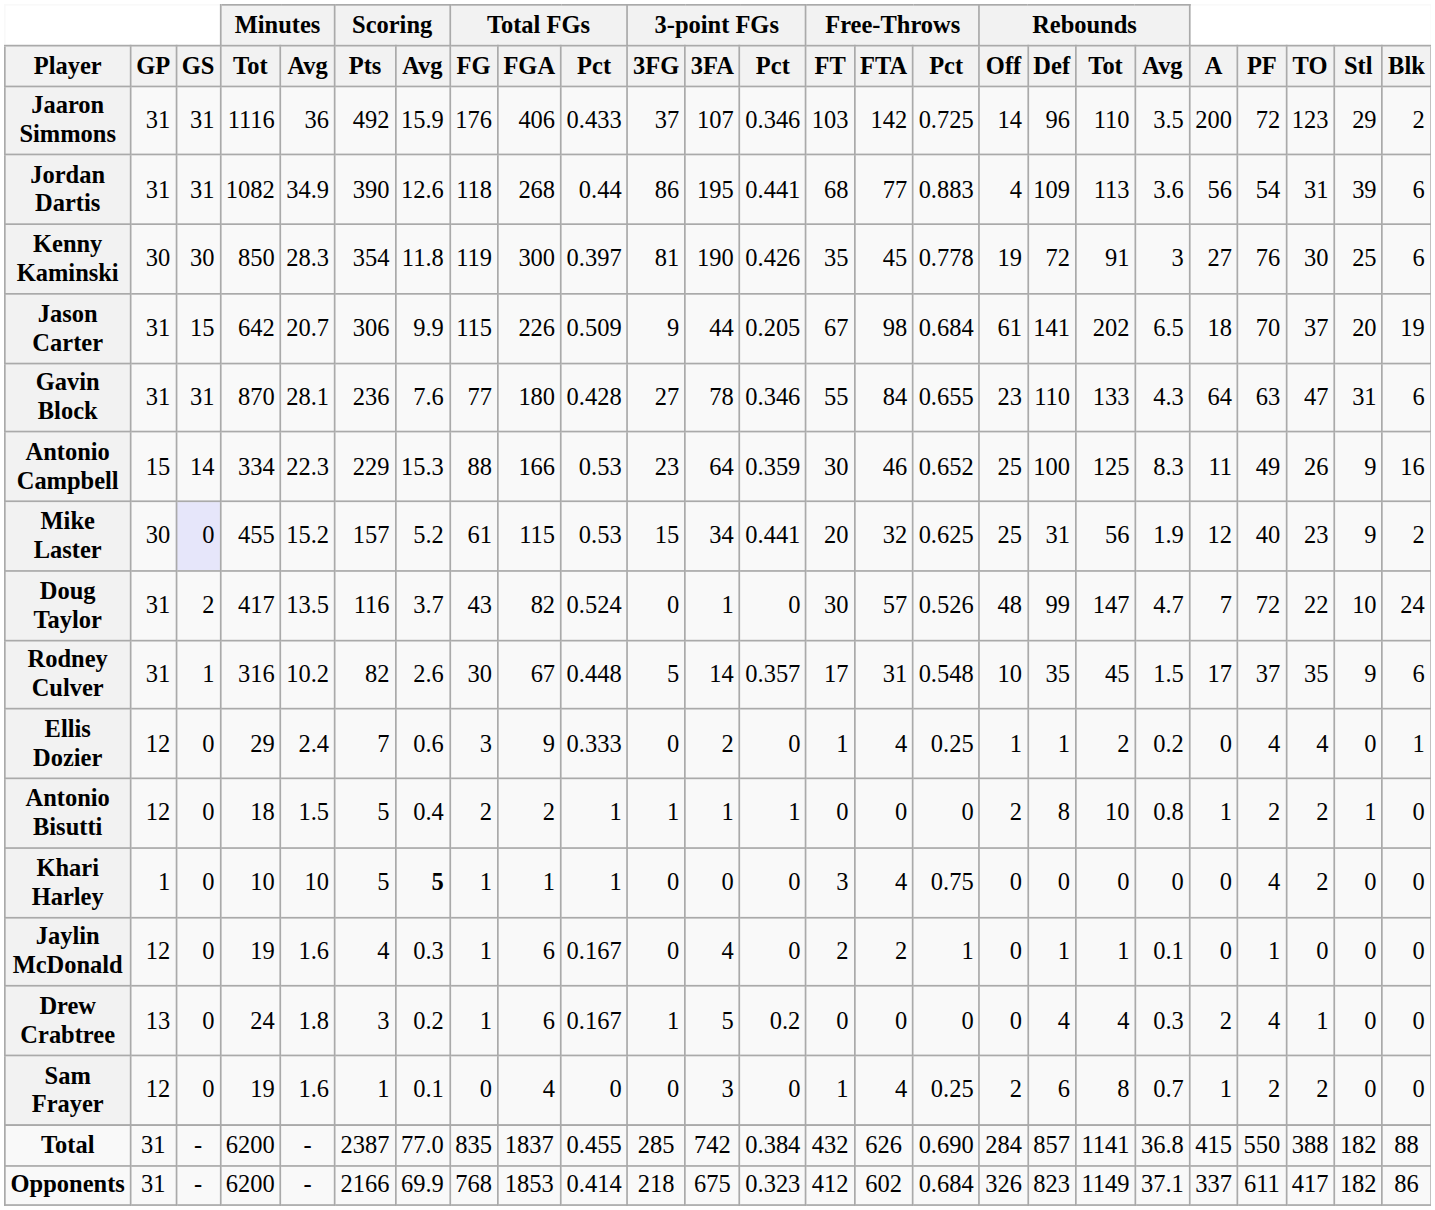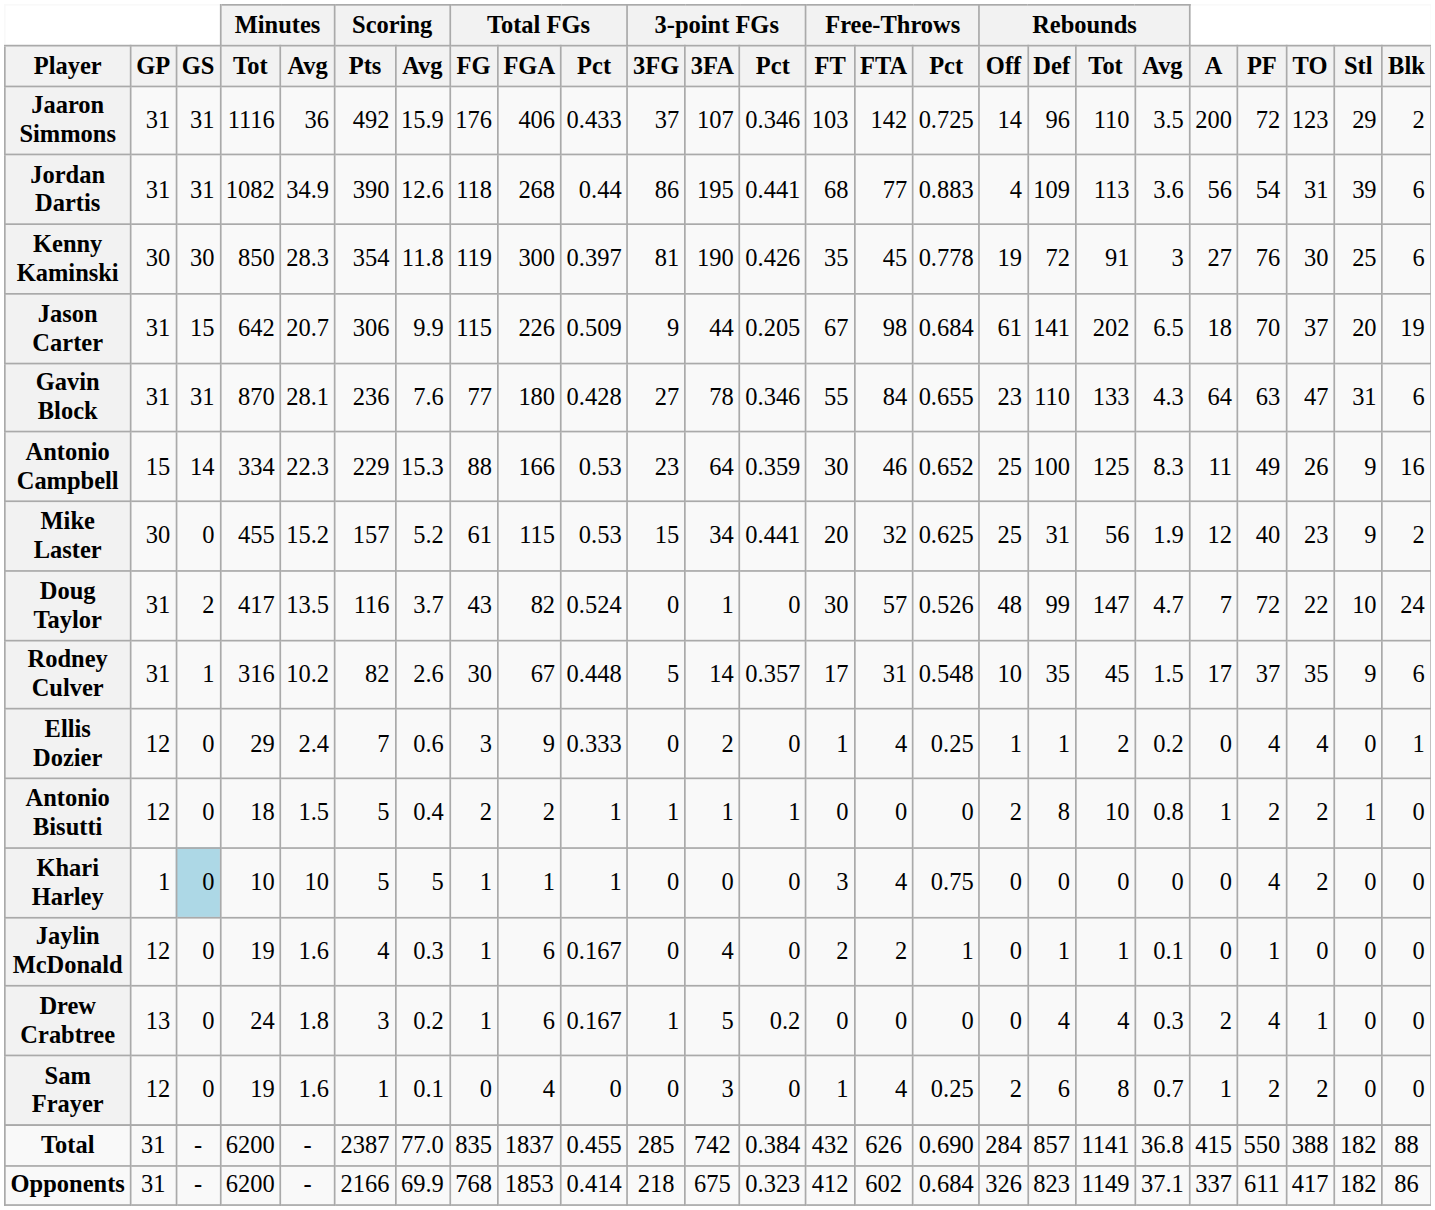 <table class="wikitable sortable" border="1" style="font-size:90%;">
 <tr>
 <th colspan="3" style="border-top-style:hidden; border-left-style:hidden; background: white;"></th>
 <th colspan="2" style=>Minutes</th>
 <th colspan="2" style=>Scoring</th>
 <th colspan="3" style=>Total FGs</th>
 <th colspan="3" style=>3-point FGs</th>
 <th colspan="3" style=>Free-Throws</th>
 <th colspan="4" style=>Rebounds</th>
 <th colspan="5" style="border-top-style:hidden; border-right-style:hidden; background: white;"></th>
 </tr>
 <tr>
 <th scope="col" style=>Player</th>
 <th scope="col" style=>GP</th>
 <th scope="col" style=>GS</th>
 <th scope="col" style=>Tot</th>
 <th scope="col" style=>Avg</th>
 <th scope="col" style=>Pts</th>
 <th scope="col" style=>Avg</th>
 <th scope="col" style=>FG</th>
 <th scope="col" style=>FGA</th>
 <th scope="col" style=>Pct</th>
 <th scope="col" style=>3FG</th>
 <th scope="col" style=>3FA</th>
 <th scope="col" style=>Pct</th>
 <th scope="col" style=>FT</th>
 <th scope="col" style=>FTA</th>
 <th scope="col" style=>Pct</th>
 <th scope="col" style=>Off</th>
 <th scope="col" style=>Def</th>
 <th scope="col" style=>Tot</th>
 <th scope="col" style=>Avg</th>
 <th scope="col" style=>A</th>
 <th scope="col" style=>PF</th>
 <th scope="col" style=>TO</th>
 <th scope="col" style=>Stl</th>
 <th scope="col" style=>Blk</th>
 </tr>
 <tr>
 <th>Jaaron Simmons</th>
 <td align="right">31</td>
 <td align="right">31</td>
 <td align="right">1116</td>
 <td align="right">36</td>
 <td align="right">492</td>
 <td align="right">15.9</td>
 <td align="right">176</td>
 <td align="right">406</td>
 <td align="right">0.433</td>
 <td align="right">37</td>
 <td align="right">107</td>
 <td align="right">0.346</td>
 <td align="right">103</td>
 <td align="right">142</td>
 <td align="right">0.725</td>
 <td align="right">14</td>
 <td align="right">96</td>
 <td align="right">110</td>
 <td align="right">3.5</td>
 <td align="right">200</td>
 <td align="right">72</td>
 <td align="right">123</td>
 <td align="right">29</td>
 <td align="right">2</td>
 </tr>
 <tr>
 <th>Jordan Dartis</th>
 <td align="right">31</td>
 <td align="right">31</td>
 <td align="right">1082</td>
 <td align="right">34.9</td>
 <td align="right">390</td>
 <td align="right">12.6</td>
 <td align="right">118</td>
 <td align="right">268</td>
 <td align="right">0.44</td>
 <td align="right">86</td>
 <td align="right">195</td>
 <td align="right">0.441</td>
 <td align="right">68</td>
 <td align="right">77</td>
 <td align="right">0.883</td>
 <td align="right">4</td>
 <td align="right">109</td>
 <td align="right">113</td>
 <td align="right">3.6</td>
 <td align="right">56</td>
 <td align="right">54</td>
 <td align="right">31</td>
 <td align="right">39</td>
 <td align="right">6</td>
 </tr>
 <tr>
 <th>Kenny Kaminski</th>
 <td align="right">30</td>
 <td align="right">30</td>
 <td align="right">850</td>
 <td align="right">28.3</td>
 <td align="right">354</td>
 <td align="right">11.8</td>
 <td align="right">119</td>
 <td align="right">300</td>
 <td align="right">0.397</td>
 <td align="right">81</td>
 <td align="right">190</td>
 <td align="right">0.426</td>
 <td align="right">35</td>
 <td align="right">45</td>
 <td align="right">0.778</td>
 <td align="right">19</td>
 <td align="right">72</td>
 <td align="right">91</td>
 <td align="right">3</td>
 <td align="right">27</td>
 <td align="right">76</td>
 <td align="right">30</td>
 <td align="right">25</td>
 <td align="right">6</td>
 </tr>
 <tr>
 <th>Jason Carter</th>
 <td align="right">31</td>
 <td align="right">15</td>
 <td align="right">642</td>
 <td align="right">20.7</td>
 <td align="right">306</td>
 <td align="right">9.9</td>
 <td align="right">115</td>
 <td align="right">226</td>
 <td align="right">0.509</td>
 <td align="right">9</td>
 <td align="right">44</td>
 <td align="right">0.205</td>
 <td align="right">67</td>
 <td align="right">98</td>
 <td align="right">0.684</td>
 <td align="right">61</td>
 <td align="right">141</td>
 <td align="right">202</td>
 <td align="right">6.5</td>
 <td align="right">18</td>
 <td align="right">70</td>
 <td align="right">37</td>
 <td align="right">20</td>
 <td align="right">19</td>
 </tr>
 <tr>
 <th>Gavin Block</th>
 <td align="right">31</td>
 <td align="right">31</td>
 <td align="right">870</td>
 <td align="right">28.1</td>
 <td align="right">236</td>
 <td align="right">7.6</td>
 <td align="right">77</td>
 <td align="right">180</td>
 <td align="right">0.428</td>
 <td align="right">27</td>
 <td align="right">78</td>
 <td align="right">0.346</td>
 <td align="right">55</td>
 <td align="right">84</td>
 <td align="right">0.655</td>
 <td align="right">23</td>
 <td align="right">110</td>
 <td align="right">133</td>
 <td align="right">4.3</td>
 <td align="right">64</td>
 <td align="right">63</td>
 <td align="right">47</td>
 <td align="right">31</td>
 <td align="right">6</td>
 </tr>
 <tr>
 <th>Antonio Campbell</th>
 <td align="right">15</td>
 <td align="right">14</td>
 <td align="right">334</td>
 <td align="right">22.3</td>
 <td align="right">229</td>
 <td align="right">15.3</td>
 <td align="right">88</td>
 <td align="right">166</td>
 <td align="right">0.53</td>
 <td align="right">23</td>
 <td align="right">64</td>
 <td align="right">0.359</td>
 <td align="right">30</td>
 <td align="right">46</td>
 <td align="right">0.652</td>
 <td align="right">25</td>
 <td align="right">100</td>
 <td align="right">125</td>
 <td align="right">8.3</td>
 <td align="right">11</td>
 <td align="right">49</td>
 <td align="right">26</td>
 <td align="right">9</td>
 <td align="right">16</td>
 </tr>
 <tr>
 <th>Mike Laster</th>
 <td align="right">30</td>
-<td align="right" style="background: lavender;">0</td>
+<td align="right">0</td>
 <td align="right">455</td>
 <td align="right">15.2</td>
 <td align="right">157</td>
 <td align="right">5.2</td>
 <td align="right">61</td>
 <td align="right">115</td>
 <td align="right">0.53</td>
 <td align="right">15</td>
 <td align="right">34</td>
 <td align="right">0.441</td>
 <td align="right">20</td>
 <td align="right">32</td>
 <td align="right">0.625</td>
 <td align="right">25</td>
 <td align="right">31</td>
 <td align="right">56</td>
 <td align="right">1.9</td>
 <td align="right">12</td>
 <td align="right">40</td>
 <td align="right">23</td>
 <td align="right">9</td>
 <td align="right">2</td>
 </tr>
 <tr>
 <th>Doug Taylor</th>
 <td align="right">31</td>
 <td align="right">2</td>
 <td align="right">417</td>
 <td align="right">13.5</td>
 <td align="right">116</td>
 <td align="right">3.7</td>
 <td align="right">43</td>
 <td align="right">82</td>
 <td align="right">0.524</td>
 <td align="right">0</td>
 <td align="right">1</td>
 <td align="right">0</td>
 <td align="right">30</td>
 <td align="right">57</td>
 <td align="right">0.526</td>
 <td align="right">48</td>
 <td align="right">99</td>
 <td align="right">147</td>
 <td align="right">4.7</td>
 <td align="right">7</td>
 <td align="right">72</td>
 <td align="right">22</td>
 <td align="right">10</td>
 <td align="right">24</td>
 </tr>
 <tr>
 <th>Rodney Culver</th>
 <td align="right">31</td>
 <td align="right">1</td>
 <td align="right">316</td>
 <td align="right">10.2</td>
 <td align="right">82</td>
 <td align="right">2.6</td>
 <td align="right">30</td>
 <td align="right">67</td>
 <td align="right">0.448</td>
 <td align="right">5</td>
 <td align="right">14</td>
 <td align="right">0.357</td>
 <td align="right">17</td>
 <td align="right">31</td>
 <td align="right">0.548</td>
 <td align="right">10</td>
 <td align="right">35</td>
 <td align="right">45</td>
 <td align="right">1.5</td>
 <td align="right">17</td>
 <td align="right">37</td>
 <td align="right">35</td>
 <td align="right">9</td>
 <td align="right">6</td>
 </tr>
 <tr>
 <th>Ellis Dozier</th>
 <td align="right">12</td>
 <td align="right">0</td>
 <td align="right">29</td>
 <td align="right">2.4</td>
 <td align="right">7</td>
 <td align="right">0.6</td>
 <td align="right">3</td>
 <td align="right">9</td>
 <td align="right">0.333</td>
 <td align="right">0</td>
 <td align="right">2</td>
 <td align="right">0</td>
 <td align="right">1</td>
 <td align="right">4</td>
 <td align="right">0.25</td>
 <td align="right">1</td>
 <td align="right">1</td>
 <td align="right">2</td>
 <td align="right">0.2</td>
 <td align="right">0</td>
 <td align="right">4</td>
 <td align="right">4</td>
 <td align="right">0</td>
 <td align="right">1</td>
 </tr>
 <tr>
 <th>Antonio Bisutti</th>
 <td align="right">12</td>
 <td align="right">0</td>
 <td align="right">18</td>
 <td align="right">1.5</td>
 <td align="right">5</td>
 <td align="right">0.4</td>
 <td align="right">2</td>
 <td align="right">2</td>
 <td align="right">1</td>
 <td align="right">1</td>
 <td align="right">1</td>
 <td align="right">1</td>
 <td align="right">0</td>
 <td align="right">0</td>
 <td align="right">0</td>
 <td align="right">2</td>
 <td align="right">8</td>
 <td align="right">10</td>
 <td align="right">0.8</td>
 <td align="right">1</td>
 <td align="right">2</td>
 <td align="right">2</td>
 <td align="right">1</td>
 <td align="right">0</td>
 </tr>
 <tr>
 <th>Khari Harley</th>
 <td align="right">1</td>
-<td align="right">0</td>
+<td align="right" style="background: lightblue;">0</td>
 <td align="right">10</td>
 <td align="right">10</td>
 <td align="right">5</td>
-<td align="right"><strong>5</strong></td>
+<td align="right">5</td>
 <td align="right">1</td>
 <td align="right">1</td>
 <td align="right">1</td>
 <td align="right">0</td>
 <td align="right">0</td>
 <td align="right">0</td>
 <td align="right">3</td>
 <td align="right">4</td>
 <td align="right">0.75</td>
 <td align="right">0</td>
 <td align="right">0</td>
 <td align="right">0</td>
 <td align="right">0</td>
 <td align="right">0</td>
 <td align="right">4</td>
 <td align="right">2</td>
 <td align="right">0</td>
 <td align="right">0</td>
 </tr>
 <tr>
 <th>Jaylin McDonald</th>
 <td align="right">12</td>
 <td align="right">0</td>
 <td align="right">19</td>
 <td align="right">1.6</td>
 <td align="right">4</td>
 <td align="right">0.3</td>
 <td align="right">1</td>
 <td align="right">6</td>
 <td align="right">0.167</td>
 <td align="right">0</td>
 <td align="right">4</td>
 <td align="right">0</td>
 <td align="right">2</td>
 <td align="right">2</td>
 <td align="right">1</td>
 <td align="right">0</td>
 <td align="right">1</td>
 <td align="right">1</td>
 <td align="right">0.1</td>
 <td align="right">0</td>
 <td align="right">1</td>
 <td align="right">0</td>
 <td align="right">0</td>
 <td align="right">0</td>
 </tr>
 <tr>
 <th>Drew Crabtree</th>
 <td align="right">13</td>
 <td align="right">0</td>
 <td align="right">24</td>
 <td align="right">1.8</td>
 <td align="right">3</td>
 <td align="right">0.2</td>
 <td align="right">1</td>
 <td align="right">6</td>
 <td align="right">0.167</td>
 <td align="right">1</td>
 <td align="right">5</td>
 <td align="right">0.2</td>
 <td align="right">0</td>
 <td align="right">0</td>
 <td align="right">0</td>
 <td align="right">0</td>
 <td align="right">4</td>
 <td align="right">4</td>
 <td align="right">0.3</td>
 <td align="right">2</td>
 <td align="right">4</td>
 <td align="right">1</td>
 <td align="right">0</td>
 <td align="right">0</td>
 </tr>
 <tr>
 <th>Sam Frayer</th>
 <td align="right">12</td>
 <td align="right">0</td>
 <td align="right">19</td>
 <td align="right">1.6</td>
 <td align="right">1</td>
 <td align="right">0.1</td>
 <td align="right">0</td>
 <td align="right">4</td>
 <td align="right">0</td>
 <td align="right">0</td>
 <td align="right">3</td>
 <td align="right">0</td>
 <td align="right">1</td>
 <td align="right">4</td>
 <td align="right">0.25</td>
 <td align="right">2</td>
 <td align="right">6</td>
 <td align="right">8</td>
 <td align="right">0.7</td>
 <td align="right">1</td>
 <td align="right">2</td>
 <td align="right">2</td>
 <td align="right">0</td>
 <td align="right">0</td>
 </tr>
 <tr>
 </tr>
 <tr class="sortbottom">
 <td align="center" style=><strong>Total</strong></td>
 <td align="center" style=>31</td>
 <td align="center" style=>-</td>
 <td align="center" style=>6200</td>
 <td align="center" style=>-</td>
 <td align="center" style=>2387</td>
 <td align="center" style=>77.0</td>
 <td align="center" style=>835</td>
 <td align="center" style=>1837</td>
 <td align="center" style=>0.455</td>
 <td align="center" style=>285</td>
 <td align="center" style=>742</td>
 <td align="center" style=>0.384</td>
 <td align="center" style=>432</td>
 <td align="center" style=>626</td>
 <td align="center" style=>0.690</td>
 <td align="center" style=>284</td>
 <td align="center" style=>857</td>
 <td align="center" style=>1141</td>
 <td align="center" style=>36.8</td>
 <td align="center" style=>415</td>
 <td align="center" style=>550</td>
 <td align="center" style=>388</td>
 <td align="center" style=>182</td>
 <td align="center" style=>88</td>
 </tr>
 <tr class="sortbottom">
 <td align="center"><strong>Opponents</strong></td>
 <td align="center">31</td>
 <td align="center">-</td>
 <td align="center">6200</td>
 <td align="center">-</td>
 <td align="center">2166</td>
 <td align="center">69.9</td>
 <td align="center">768</td>
 <td align="center">1853</td>
 <td align="center">0.414</td>
 <td align="center">218</td>
 <td align="center">675</td>
 <td align="center">0.323</td>
 <td align="center">412</td>
 <td align="center">602</td>
 <td align="center">0.684</td>
 <td align="center">326</td>
 <td align="center">823</td>
 <td align="center">1149</td>
 <td align="center">37.1</td>
 <td align="center">337</td>
 <td align="center">611</td>
 <td align="center">417</td>
 <td align="center">182</td>
 <td align="center">86</td>
 </tr>
 </table>
